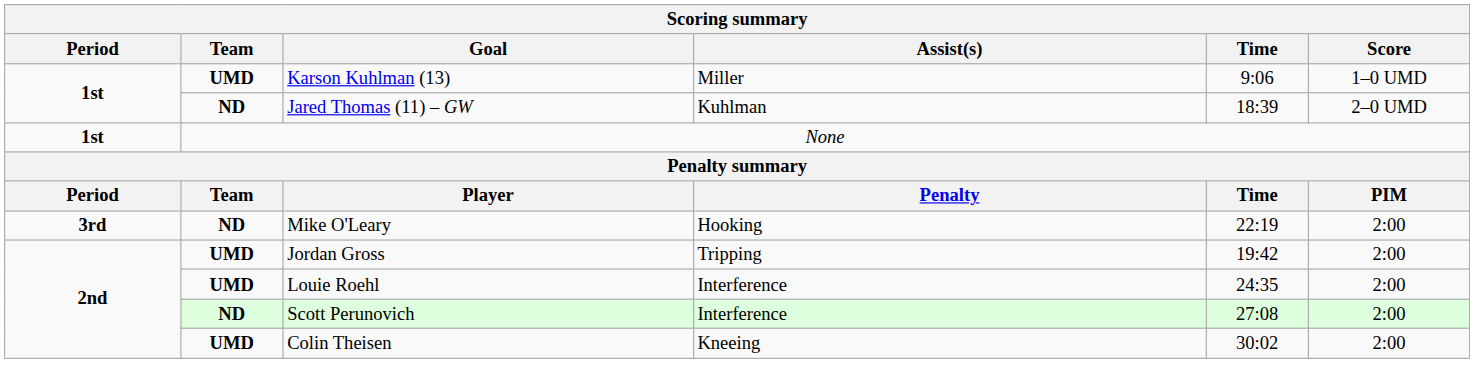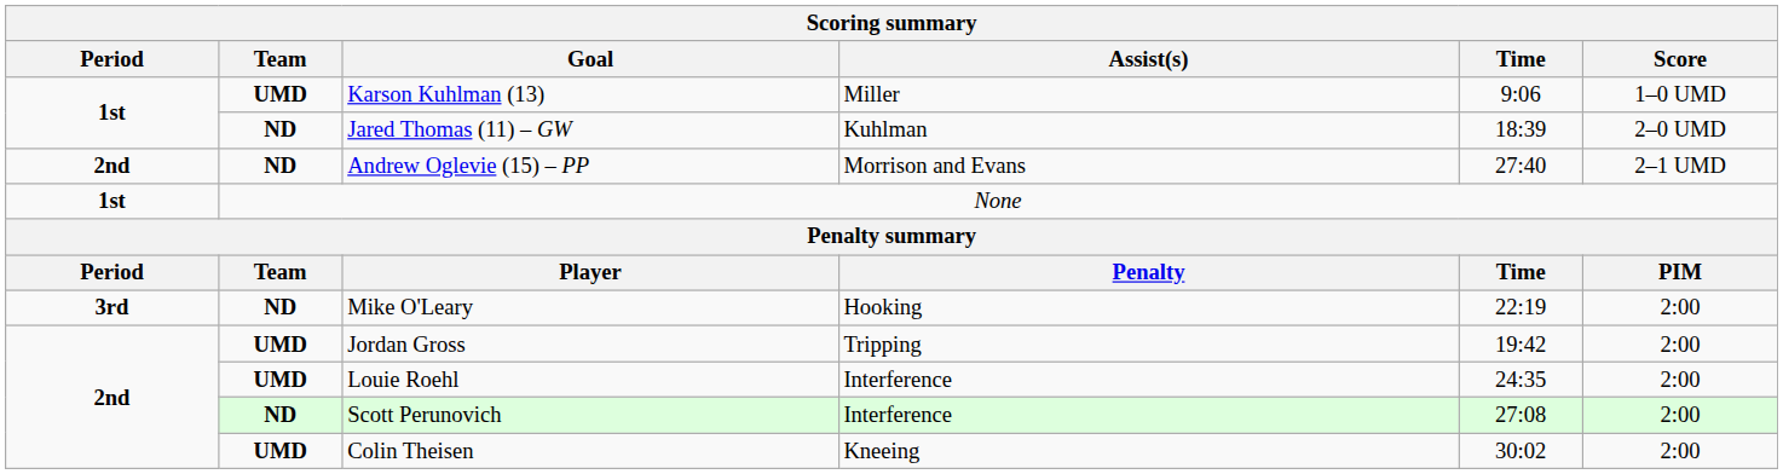 <table style="width:100%;" class="wikitable">
 <tr>
 <th colspan=6>Scoring summary</th>
 </tr>
 <tr>
 <th style="width:12%;">Period</th>
 <th style="width:7%;">Team</th>
 <th style="width:28%;">Goal</th>
 <th style="width:35%;">Assist(s)</th>
 <th style="width:7%;">Time</th>
 <th style="width:11%;">Score</th>
 </tr>
 <tr>
 <td style="text-align:center;" rowspan="2"><strong>1st</strong></td>
 <td align=center><strong>UMD</strong></td>
 <td><a href='#'>Karson Kuhlman</a> (13)</td>
 <td>Miller</td>
 <td align=center>9:06</td>
 <td align=center>1–0 UMD</td>
 </tr>
 <tr>
 <td align=center><strong>ND</strong></td>
 <td><a href='#'>Jared Thomas</a> (11) – <em>GW</em></td>
 <td>Kuhlman</td>
 <td align=center>18:39</td>
 <td align=center>2–0 UMD</td>
+</tr>
+<tr>
+<td align=center><strong>2nd</strong></td>
+<td align=center><strong>ND</strong></td>
+<td><a href='#'>Andrew Oglevie</a> (15) – <em>PP</em></td>
+<td>Morrison and Evans</td>
+<td align=center>27:40</td>
+<td align=center>2–1 UMD</td>
 </tr>
 <tr>
 <td style="text-align:center;"><strong>1st</strong></td>
 <td style="text-align:center;" colspan="5"><em>None</em></td>
 </tr>
 <tr>
 <th colspan=6>Penalty summary</th>
 </tr>
 <tr>
 <th style="width:12%;">Period</th>
 <th style="width:7%;">Team</th>
 <th style="width:28%;">Player</th>
 <th style="width:35%;"><a href='#'>Penalty</a></th>
 <th style="width:7%;">Time</th>
 <th style="width:11%;">PIM</th>
 </tr>
 <tr>
 <td align=center><strong>3rd</strong></td>
 <td align=center><strong>ND</strong></td>
 <td>Mike O'Leary</td>
 <td>Hooking</td>
 <td align=center>22:19</td>
 <td align=center>2:00</td>
 </tr>
 <tr>
 <td style="text-align:center;" rowspan="4"><strong>2nd</strong></td>
 <td align=center><strong>UMD</strong></td>
 <td>Jordan Gross</td>
 <td>Tripping</td>
 <td align=center>19:42</td>
 <td align=center>2:00</td>
 </tr>
 <tr>
 <td align=center><strong>UMD</strong></td>
 <td>Louie Roehl</td>
 <td>Interference</td>
 <td align=center>24:35</td>
 <td align=center>2:00</td>
 </tr>
 <tr style="background:#dfd;">
 <td align=center><strong>ND</strong></td>
 <td>Scott Perunovich</td>
 <td>Interference</td>
 <td align=center>27:08</td>
 <td align=center>2:00</td>
 </tr>
 <tr>
 <td align=center><strong>UMD</strong></td>
 <td>Colin Theisen</td>
 <td>Kneeing</td>
 <td align=center>30:02</td>
 <td align=center>2:00</td>
 </tr>
 </table>
